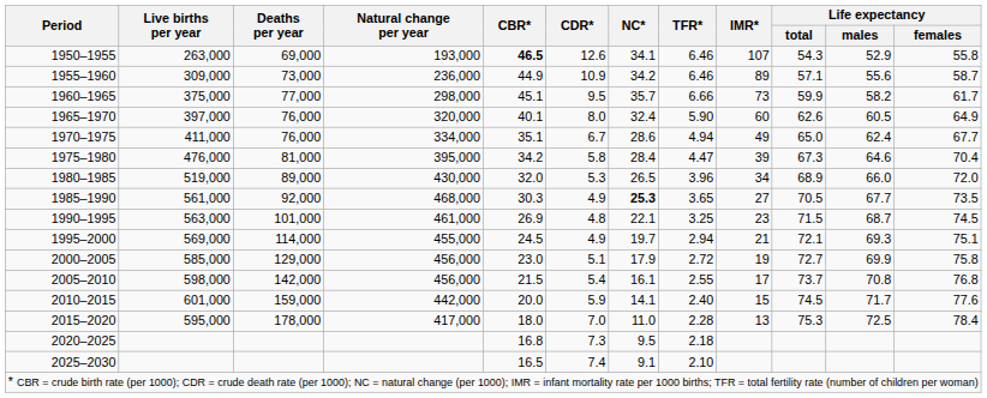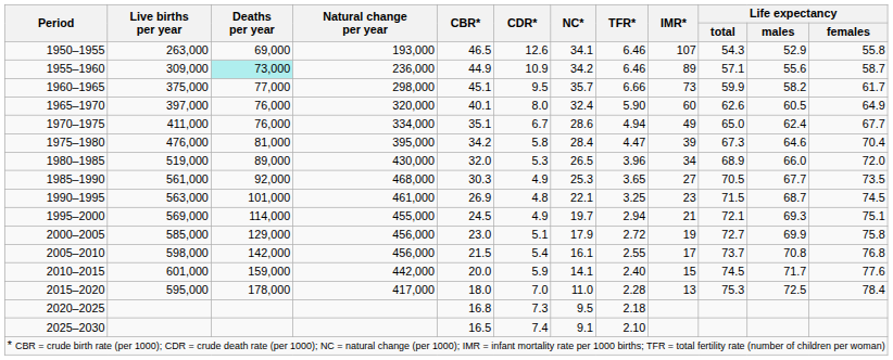 <table class="wikitable" style="text-align: right;">
 <tr>
 <th rowspan=2>Period</th>
 <th rowspan=2>Live births<br>per year</th>
 <th rowspan=2>Deaths<br>per year</th>
 <th rowspan=2>Natural change<br>per year</th>
 <th rowspan=2>CBR*</th>
 <th rowspan=2>CDR*</th>
 <th rowspan=2>NC*</th>
 <th rowspan=2>TFR*</th>
 <th rowspan=2>IMR*</th>
 <th colspan=3>Life expectancy</th>
 </tr>
 <tr>
 <th>total</th>
 <th>males</th>
 <th>females</th>
 </tr>
 <tr>
 <td>1950–1955</td>
 <td>263,000</td>
 <td>69,000</td>
 <td>193,000</td>
-<td><strong>46.5</strong></td>
+<td>46.5</td>
 <td>12.6</td>
 <td>34.1</td>
 <td>6.46</td>
 <td>107</td>
 <td>54.3</td>
 <td>52.9</td>
 <td>55.8</td>
 </tr>
 <tr>
 <td>1955–1960</td>
 <td>309,000</td>
-<td>73,000</td>
+<td style="background: paleturquoise;">73,000</td>
 <td>236,000</td>
 <td>44.9</td>
 <td>10.9</td>
 <td>34.2</td>
 <td>6.46</td>
 <td>89</td>
 <td>57.1</td>
 <td>55.6</td>
 <td>58.7</td>
 </tr>
 <tr>
 <td>1960–1965</td>
 <td>375,000</td>
 <td>77,000</td>
 <td>298,000</td>
 <td>45.1</td>
 <td>9.5</td>
 <td>35.7</td>
 <td>6.66</td>
 <td>73</td>
 <td>59.9</td>
 <td>58.2</td>
 <td>61.7</td>
 </tr>
 <tr>
 <td>1965–1970</td>
 <td>397,000</td>
 <td>76,000</td>
 <td>320,000</td>
 <td>40.1</td>
 <td>8.0</td>
 <td>32.4</td>
 <td>5.90</td>
 <td>60</td>
 <td>62.6</td>
 <td>60.5</td>
 <td>64.9</td>
 </tr>
 <tr>
 <td>1970–1975</td>
 <td>411,000</td>
 <td>76,000</td>
 <td>334,000</td>
 <td>35.1</td>
 <td>6.7</td>
 <td>28.6</td>
 <td>4.94</td>
 <td>49</td>
 <td>65.0</td>
 <td>62.4</td>
 <td>67.7</td>
 </tr>
 <tr>
 <td>1975–1980</td>
 <td>476,000</td>
 <td>81,000</td>
 <td>395,000</td>
 <td>34.2</td>
 <td>5.8</td>
 <td>28.4</td>
 <td>4.47</td>
 <td>39</td>
 <td>67.3</td>
 <td>64.6</td>
 <td>70.4</td>
 </tr>
 <tr>
 <td>1980–1985</td>
 <td>519,000</td>
 <td>89,000</td>
 <td>430,000</td>
 <td>32.0</td>
 <td>5.3</td>
 <td>26.5</td>
 <td>3.96</td>
 <td>34</td>
 <td>68.9</td>
 <td>66.0</td>
 <td>72.0</td>
 </tr>
 <tr>
 <td>1985–1990</td>
 <td>561,000</td>
 <td>92,000</td>
 <td>468,000</td>
 <td>30.3</td>
 <td>4.9</td>
-<td><strong>25.3</strong></td>
+<td>25.3</td>
 <td>3.65</td>
 <td>27</td>
 <td>70.5</td>
 <td>67.7</td>
 <td>73.5</td>
 </tr>
 <tr>
 <td>1990–1995</td>
 <td>563,000</td>
 <td>101,000</td>
 <td>461,000</td>
 <td>26.9</td>
 <td>4.8</td>
 <td>22.1</td>
 <td>3.25</td>
 <td>23</td>
 <td>71.5</td>
 <td>68.7</td>
 <td>74.5</td>
 </tr>
 <tr>
 <td>1995–2000</td>
 <td>569,000</td>
 <td>114,000</td>
 <td>455,000</td>
 <td>24.5</td>
 <td>4.9</td>
 <td>19.7</td>
 <td>2.94</td>
 <td>21</td>
 <td>72.1</td>
 <td>69.3</td>
 <td>75.1</td>
 </tr>
 <tr>
 <td>2000–2005</td>
 <td>585,000</td>
 <td>129,000</td>
 <td>456,000</td>
 <td>23.0</td>
 <td>5.1</td>
 <td>17.9</td>
 <td>2.72</td>
 <td>19</td>
 <td>72.7</td>
 <td>69.9</td>
 <td>75.8</td>
 </tr>
 <tr>
 <td>2005–2010</td>
 <td>598,000</td>
 <td>142,000</td>
 <td>456,000</td>
 <td>21.5</td>
 <td>5.4</td>
 <td>16.1</td>
 <td>2.55</td>
 <td>17</td>
 <td>73.7</td>
 <td>70.8</td>
 <td>76.8</td>
 </tr>
 <tr>
 <td>2010–2015</td>
 <td>601,000</td>
 <td>159,000</td>
 <td>442,000</td>
 <td>20.0</td>
 <td>5.9</td>
 <td>14.1</td>
 <td>2.40</td>
 <td>15</td>
 <td>74.5</td>
 <td>71.7</td>
 <td>77.6</td>
 </tr>
 <tr>
 <td>2015–2020</td>
 <td>595,000</td>
 <td>178,000</td>
 <td>417,000</td>
 <td>18.0</td>
 <td>7.0</td>
 <td>11.0</td>
 <td>2.28</td>
 <td>13</td>
 <td>75.3</td>
 <td>72.5</td>
 <td>78.4</td>
 </tr>
 <tr>
 <td>2020–2025</td>
 <td></td>
 <td></td>
 <td></td>
 <td>16.8</td>
 <td>7.3</td>
 <td>9.5</td>
 <td>2.18</td>
 <td></td>
 <td></td>
 <td></td>
 <td></td>
 </tr>
 <tr>
 <td>2025–2030</td>
 <td></td>
 <td></td>
 <td></td>
 <td>16.5</td>
 <td>7.4</td>
 <td>9.1</td>
 <td>2.10</td>
 <td></td>
 <td></td>
 <td></td>
 <td></td>
 </tr>
 <tr>
 <td align="left" colspan="12">* <small> CBR = crude birth rate (per 1000); CDR = crude death rate (per 1000); NC = natural change (per 1000); IMR = infant mortality rate per 1000 births; TFR = total fertility rate (number of children per woman)</small></td>
 </tr>
 </table>
